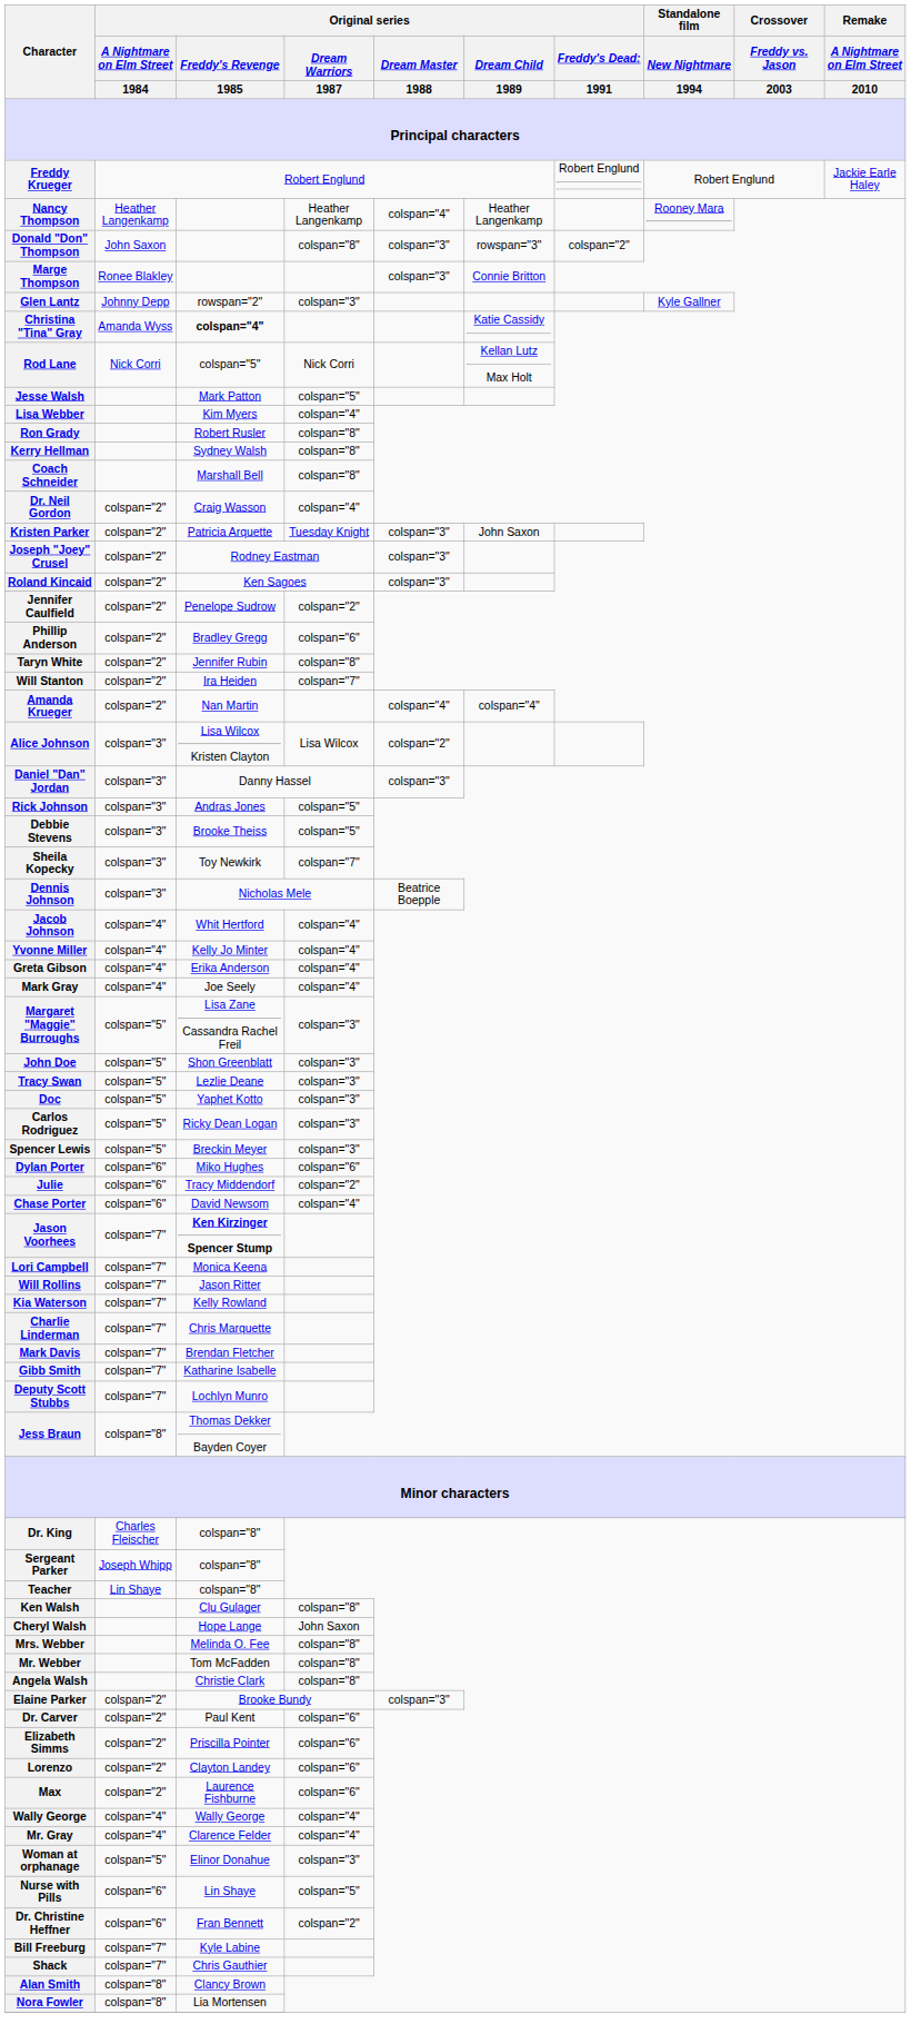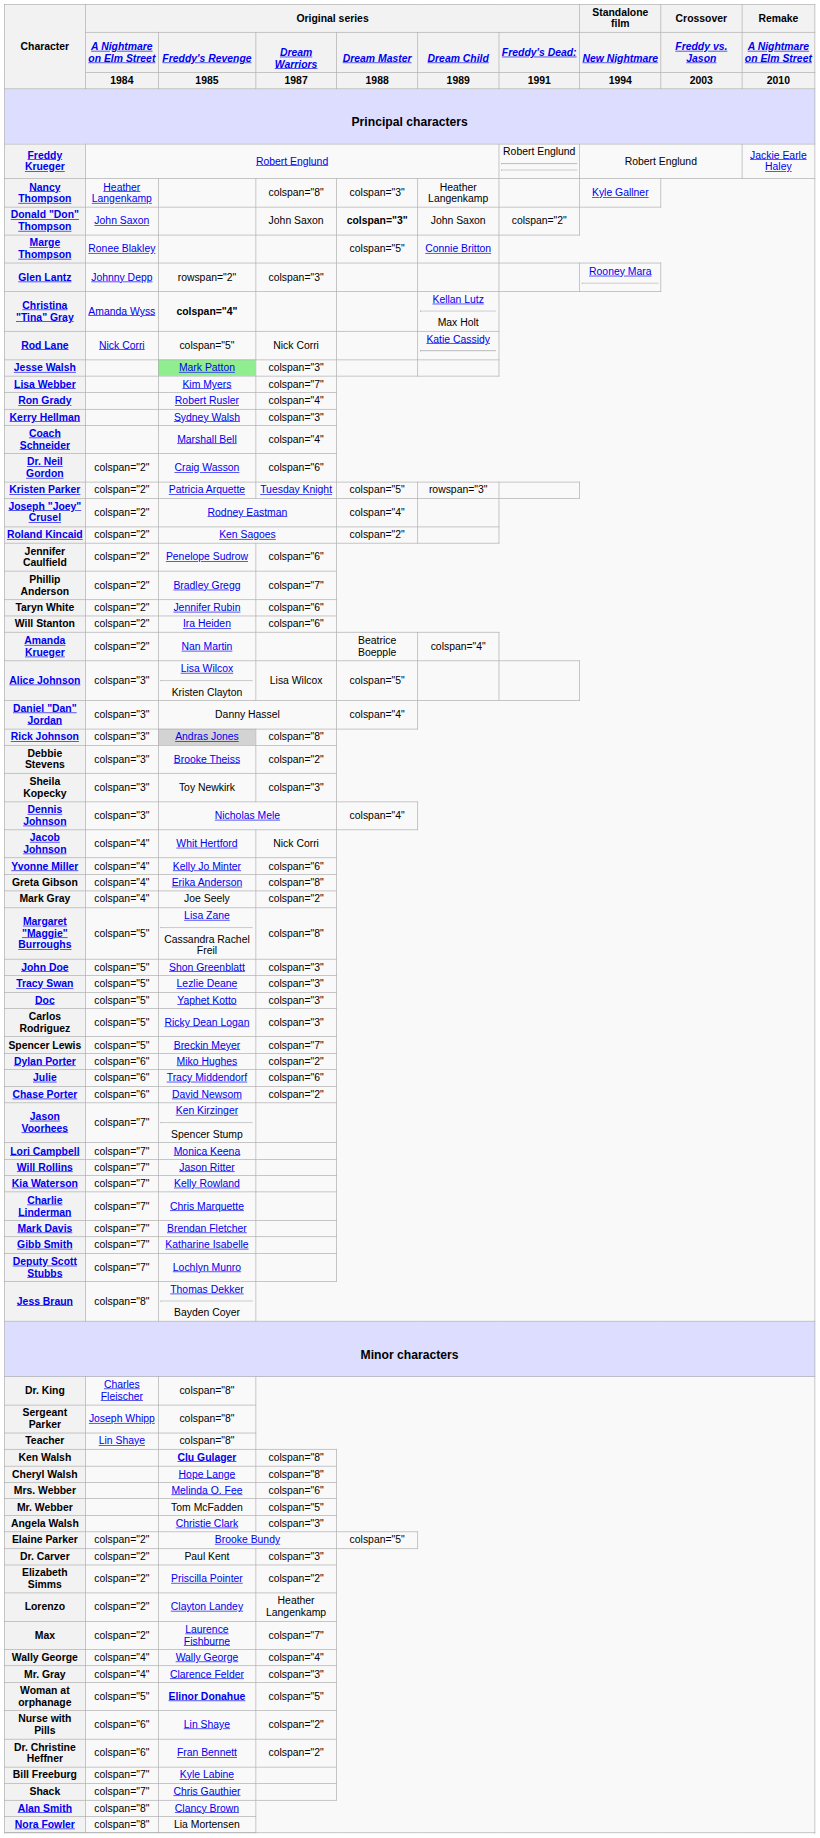 <table class="wikitable" style="text-align:center">
 <tr>
 <th rowspan="3" width="10%">Character</th>
 <th colspan="6" align="center">Original series</th>
 <th align="center">Standalone film</th>
 <th align="center">Crossover</th>
 <th align="center">Remake</th>
 </tr>
 <tr>
 <th align="center" width="09%"><em><a href='#'>A Nightmare<br>on Elm Street</a></em></th>
 <th align="center" width="12%"><em><a href='#'><br>Freddy's Revenge</a></em></th>
 <th align="center" width="10%"><em><a href='#'><br>Dream Warriors</a></em></th>
 <th align="center" width="10%"><em><a href='#'><br>Dream Master</a></em></th>
 <th align="center" width="10%"><em><a href='#'><br>Dream Child</a></em></th>
 <th align="center" width="10%"><em><a href='#'>Freddy's Dead:<br></a></em></th>
 <th align="center" width="10%"><em><a href='#'><br>New Nightmare</a></em></th>
 <th align="center" width="10%"><em><a href='#'>Freddy vs. Jason</a></em></th>
 <th align="center" width="09%"><em><a href='#'>A Nightmare<br>on Elm Street</a></em></th>
 </tr>
 <tr>
 <th>1984</th>
 <th>1985</th>
 <th>1987</th>
 <th>1988</th>
 <th>1989</th>
 <th>1991</th>
 <th>1994</th>
 <th>2003</th>
 <th>2010</th>
 </tr>
 <tr>
 <th colspan="10" style="background-color:#ddf;"><br><h3>Principal characters</h3></th>
 </tr>
 <tr>
 <th><a href='#'>Freddy Krueger</a></th>
 <td colspan="5"><a href='#'>Robert Englund</a></td>
 <td>Robert Englund<hr><hr></td>
 <td colspan="2">Robert Englund</td>
 <td><a href='#'>Jackie Earle Haley</a></td>
 </tr>
 <tr>
 <th><a href='#'>Nancy Thompson</a></th>
 <td><a href='#'>Heather Langenkamp</a></td>
 <td></td>
-<td>Heather Langenkamp</td>
-<td>colspan="4" </td>
+<td>colspan="8" </td>
+<td>colspan="3" </td>
 <td>Heather Langenkamp</td>
 <td></td>
-<td><a href='#'>Rooney Mara</a><hr></td>
+<td><a href='#'>Kyle Gallner</a></td>
 </tr>
 <tr>
 <th><a href='#'>Donald "Don" Thompson</a></th>
 <td><a href='#'>John Saxon</a></td>
 <td></td>
-<td>colspan="8" </td>
-<td>colspan="3" </td>
-<td>rowspan="3" </td>
+<td>John Saxon</td>
+<td><strong>colspan="3" </strong></td>
+<td>John Saxon</td>
 <td>colspan="2" </td>
 </tr>
 <tr>
 <th><a href='#'>Marge Thompson</a></th>
 <td><a href='#'>Ronee Blakley</a></td>
 <td></td>
 <td></td>
-<td>colspan="3" </td>
+<td>colspan="5" </td>
 <td><a href='#'>Connie Britton</a></td>
 </tr>
 <tr>
 <th><a href='#'>Glen Lantz</a></th>
 <td><a href='#'>Johnny Depp</a></td>
 <td>rowspan="2" </td>
 <td>colspan="3" </td>
 <td></td>
 <td></td>
 <td></td>
-<td><a href='#'>Kyle Gallner</a></td>
+<td><a href='#'>Rooney Mara</a><hr></td>
 </tr>
 <tr>
 <th><a href='#'>Christina "Tina" Gray</a></th>
 <td><a href='#'>Amanda Wyss</a></td>
 <td><strong>colspan="4" </strong></td>
 <td></td>
 <td></td>
-<td><a href='#'>Katie Cassidy</a><hr></td>
+<td><a href='#'>Kellan Lutz</a><hr>Max Holt</td>
 </tr>
 <tr>
 <th><a href='#'>Rod Lane</a></th>
 <td><a href='#'>Nick Corri</a></td>
 <td>colspan="5" </td>
 <td>Nick Corri</td>
 <td></td>
-<td><a href='#'>Kellan Lutz</a><hr>Max Holt</td>
+<td><a href='#'>Katie Cassidy</a><hr></td>
 </tr>
 <tr>
 <th><a href='#'>Jesse Walsh</a></th>
 <td></td>
-<td><a href='#'>Mark Patton</a></td>
-<td>colspan="5" </td>
+<td style="background: lightgreen;"><a href='#'>Mark Patton</a></td>
+<td>colspan="3" </td>
 <td></td>
 <td></td>
 </tr>
 <tr>
 <th><a href='#'>Lisa Webber</a></th>
 <td></td>
 <td><a href='#'>Kim Myers</a></td>
-<td>colspan="4" </td>
+<td>colspan="7" </td>
 </tr>
 <tr>
 <th><a href='#'>Ron Grady</a></th>
 <td></td>
 <td><a href='#'>Robert Rusler</a></td>
-<td>colspan="8" </td>
+<td>colspan="4" </td>
 </tr>
 <tr>
 <th><a href='#'>Kerry Hellman</a></th>
 <td></td>
 <td><a href='#'>Sydney Walsh</a></td>
-<td>colspan="8" </td>
+<td>colspan="3" </td>
 </tr>
 <tr>
 <th><a href='#'>Coach Schneider</a></th>
 <td></td>
 <td><a href='#'>Marshall Bell</a></td>
-<td>colspan="8" </td>
+<td>colspan="4" </td>
 </tr>
 <tr>
 <th><a href='#'>Dr. Neil Gordon</a></th>
 <td>colspan="2" </td>
 <td><a href='#'>Craig Wasson</a></td>
-<td>colspan="4" </td>
+<td>colspan="6" </td>
 </tr>
 <tr>
 <th><a href='#'>Kristen Parker</a></th>
 <td>colspan="2" </td>
 <td><a href='#'>Patricia Arquette</a></td>
 <td><a href='#'>Tuesday Knight</a></td>
-<td>colspan="3" </td>
-<td>John Saxon</td>
+<td>colspan="5" </td>
+<td>rowspan="3" </td>
 <td></td>
 </tr>
 <tr>
 <th><a href='#'>Joseph "Joey" Crusel</a></th>
 <td>colspan="2" </td>
 <td colspan="2"><a href='#'>Rodney Eastman</a></td>
-<td>colspan="3" </td>
+<td>colspan="4" </td>
 <td></td>
 </tr>
 <tr>
 <th><a href='#'>Roland Kincaid</a></th>
 <td>colspan="2" </td>
 <td colspan="2"><a href='#'>Ken Sagoes</a></td>
-<td>colspan="3" </td>
+<td>colspan="2" </td>
 <td></td>
 </tr>
 <tr>
 <th>Jennifer Caulfield</th>
 <td>colspan="2" </td>
 <td><a href='#'>Penelope Sudrow</a></td>
-<td>colspan="2" </td>
+<td>colspan="6" </td>
 </tr>
 <tr>
 <th>Phillip Anderson</th>
 <td>colspan="2" </td>
 <td><a href='#'>Bradley Gregg</a></td>
-<td>colspan="6" </td>
+<td>colspan="7" </td>
 </tr>
 <tr>
 <th>Taryn White</th>
 <td>colspan="2" </td>
 <td><a href='#'>Jennifer Rubin</a></td>
-<td>colspan="8" </td>
+<td>colspan="6" </td>
 </tr>
 <tr>
 <th>Will Stanton</th>
 <td>colspan="2" </td>
 <td><a href='#'>Ira Heiden</a></td>
-<td>colspan="7" </td>
+<td>colspan="6" </td>
 </tr>
 <tr>
 <th><a href='#'>Amanda Krueger<br></a></th>
 <td>colspan="2" </td>
 <td><a href='#'>Nan Martin</a></td>
 <td></td>
-<td>colspan="4" </td>
+<td>Beatrice Boepple</td>
 <td>colspan="4" </td>
 </tr>
 <tr>
 <th><a href='#'>Alice Johnson</a></th>
 <td>colspan="3" </td>
 <td><a href='#'>Lisa Wilcox</a><hr>Kristen Clayton</td>
 <td>Lisa Wilcox</td>
-<td>colspan="2" </td>
+<td>colspan="5" </td>
 <td></td>
 <td></td>
 </tr>
 <tr>
 <th><a href='#'>Daniel "Dan" Jordan</a></th>
 <td>colspan="3" </td>
 <td colspan="2">Danny Hassel</td>
-<td>colspan="3" </td>
+<td>colspan="4" </td>
 </tr>
 <tr>
 <th><a href='#'>Rick Johnson</a></th>
 <td>colspan="3" </td>
-<td><a href='#'>Andras Jones</a></td>
-<td>colspan="5" </td>
+<td style="background: lightgrey;"><a href='#'>Andras Jones</a></td>
+<td>colspan="8" </td>
 </tr>
 <tr>
 <th>Debbie Stevens</th>
 <td>colspan="3" </td>
 <td><a href='#'>Brooke Theiss</a></td>
-<td>colspan="5" </td>
+<td>colspan="2" </td>
 </tr>
 <tr>
 <th>Sheila Kopecky</th>
 <td>colspan="3" </td>
 <td>Toy Newkirk</td>
-<td>colspan="7" </td>
+<td>colspan="3" </td>
 </tr>
 <tr>
 <th><a href='#'>Dennis Johnson</a></th>
 <td>colspan="3" </td>
 <td colspan="2"><a href='#'>Nicholas Mele</a></td>
-<td>Beatrice Boepple</td>
+<td>colspan="4" </td>
 </tr>
 <tr>
 <th><a href='#'>Jacob Johnson</a></th>
 <td>colspan="4" </td>
 <td><a href='#'>Whit Hertford</a></td>
-<td>colspan="4" </td>
+<td>Nick Corri</td>
 </tr>
 <tr>
 <th><a href='#'>Yvonne Miller</a></th>
 <td>colspan="4" </td>
 <td><a href='#'>Kelly Jo Minter</a></td>
-<td>colspan="4" </td>
+<td>colspan="6" </td>
 </tr>
 <tr>
 <th>Greta Gibson</th>
 <td>colspan="4" </td>
 <td><a href='#'>Erika Anderson</a></td>
-<td>colspan="4" </td>
+<td>colspan="8" </td>
 </tr>
 <tr>
 <th>Mark Gray</th>
 <td>colspan="4" </td>
 <td>Joe Seely</td>
-<td>colspan="4" </td>
+<td>colspan="2" </td>
 </tr>
 <tr>
 <th><a href='#'>Margaret "Maggie" Burroughs<br></a></th>
 <td>colspan="5" </td>
 <td><a href='#'>Lisa Zane</a><hr>Cassandra Rachel Freil</td>
-<td>colspan="3" </td>
+<td>colspan="8" </td>
 </tr>
 <tr>
 <th><a href='#'>John Doe</a></th>
 <td>colspan="5" </td>
 <td><a href='#'>Shon Greenblatt</a></td>
 <td>colspan="3" </td>
 </tr>
 <tr>
 <th><a href='#'>Tracy Swan</a></th>
 <td>colspan="5" </td>
 <td><a href='#'>Lezlie Deane</a></td>
 <td>colspan="3" </td>
 </tr>
 <tr>
 <th><a href='#'>Doc</a></th>
 <td>colspan="5" </td>
 <td><a href='#'>Yaphet Kotto</a></td>
 <td>colspan="3" </td>
 </tr>
 <tr>
 <th>Carlos Rodriguez</th>
 <td>colspan="5" </td>
 <td><a href='#'>Ricky Dean Logan</a></td>
 <td>colspan="3" </td>
 </tr>
 <tr>
 <th>Spencer Lewis</th>
 <td>colspan="5" </td>
 <td><a href='#'>Breckin Meyer</a></td>
-<td>colspan="3" </td>
+<td>colspan="7" </td>
 </tr>
 <tr>
 <th><a href='#'>Dylan Porter</a></th>
 <td>colspan="6" </td>
 <td><a href='#'>Miko Hughes</a></td>
-<td>colspan="6" </td>
+<td>colspan="2" </td>
 </tr>
 <tr>
 <th><a href='#'>Julie</a></th>
 <td>colspan="6" </td>
 <td><a href='#'>Tracy Middendorf</a></td>
-<td>colspan="2" </td>
+<td>colspan="6" </td>
 </tr>
 <tr>
 <th><a href='#'>Chase Porter</a></th>
 <td>colspan="6" </td>
 <td><a href='#'>David Newsom</a></td>
-<td>colspan="4" </td>
+<td>colspan="2" </td>
 </tr>
 <tr>
 <th><a href='#'>Jason Voorhees</a></th>
 <td>colspan="7" </td>
-<td><strong><a href='#'>Ken Kirzinger</a><hr>Spencer Stump</strong></td>
+<td><a href='#'>Ken Kirzinger</a><hr>Spencer Stump</td>
 <td></td>
 </tr>
 <tr>
 <th><a href='#'>Lori Campbell</a></th>
 <td>colspan="7" </td>
 <td><a href='#'>Monica Keena</a></td>
 <td></td>
 </tr>
 <tr>
 <th><a href='#'>Will Rollins</a></th>
 <td>colspan="7" </td>
 <td><a href='#'>Jason Ritter</a></td>
 <td></td>
 </tr>
 <tr>
 <th><a href='#'>Kia Waterson</a></th>
 <td>colspan="7" </td>
 <td><a href='#'>Kelly Rowland</a></td>
 <td></td>
 </tr>
 <tr>
 <th><a href='#'>Charlie Linderman</a></th>
 <td>colspan="7" </td>
 <td><a href='#'>Chris Marquette</a></td>
 <td></td>
 </tr>
 <tr>
 <th><a href='#'>Mark Davis</a></th>
 <td>colspan="7" </td>
 <td><a href='#'>Brendan Fletcher</a></td>
 <td></td>
 </tr>
 <tr>
 <th><a href='#'>Gibb Smith</a></th>
 <td>colspan="7" </td>
 <td><a href='#'>Katharine Isabelle</a></td>
 <td></td>
 </tr>
 <tr>
 <th><a href='#'>Deputy Scott Stubbs</a></th>
 <td>colspan="7" </td>
 <td><a href='#'>Lochlyn Munro</a></td>
 <td></td>
 </tr>
 <tr>
 <th><a href='#'>Jess Braun</a></th>
 <td>colspan="8" </td>
 <td><a href='#'>Thomas Dekker</a><hr>Bayden Coyer</td>
 </tr>
 <tr>
 <th colspan="10" style="background-color:#ddf;"><br><h3>Minor characters</h3></th>
 </tr>
 <tr Gravesite Mourner Richard Row>
 <th>Dr. King</th>
 <td><a href='#'>Charles Fleischer</a></td>
 <td>colspan="8" </td>
 </tr>
 <tr>
 <th>Sergeant Parker</th>
 <td><a href='#'>Joseph Whipp</a></td>
 <td>colspan="8" </td>
 </tr>
 <tr>
 <th>Teacher</th>
 <td><a href='#'>Lin Shaye</a></td>
 <td>colspan="8" </td>
 </tr>
 <tr>
 <th>Ken Walsh</th>
 <td></td>
-<td><a href='#'>Clu Gulager</a></td>
+<td><strong><a href='#'>Clu Gulager</a></strong></td>
 <td>colspan="8" </td>
 </tr>
 <tr>
 <th>Cheryl Walsh</th>
 <td></td>
 <td><a href='#'>Hope Lange</a></td>
-<td>John Saxon</td>
+<td>colspan="8" </td>
 </tr>
 <tr>
 <th>Mrs. Webber</th>
 <td></td>
 <td><a href='#'>Melinda O. Fee</a></td>
-<td>colspan="8" </td>
+<td>colspan="6" </td>
 </tr>
 <tr>
 <th>Mr. Webber</th>
 <td></td>
 <td>Tom McFadden</td>
-<td>colspan="8" </td>
+<td>colspan="5" </td>
 </tr>
 <tr>
 <th>Angela Walsh</th>
 <td></td>
 <td><a href='#'>Christie Clark</a></td>
-<td>colspan="8" </td>
+<td>colspan="3" </td>
 </tr>
 <tr>
 <th>Elaine Parker</th>
 <td>colspan="2" </td>
 <td colspan="2"><a href='#'>Brooke Bundy</a></td>
-<td>colspan="3" </td>
+<td>colspan="5" </td>
 </tr>
 <tr>
 <th>Dr. Carver</th>
 <td>colspan="2" </td>
 <td>Paul Kent</td>
-<td>colspan="6" </td>
+<td>colspan="3" </td>
 </tr>
 <tr>
 <th>Elizabeth Simms</th>
 <td>colspan="2" </td>
 <td><a href='#'>Priscilla Pointer</a></td>
-<td>colspan="6" </td>
+<td>colspan="2" </td>
 </tr>
 <tr>
 <th>Lorenzo</th>
 <td>colspan="2" </td>
 <td><a href='#'>Clayton Landey</a></td>
-<td>colspan="6" </td>
+<td>Heather Langenkamp</td>
 </tr>
 <tr>
 <th>Max</th>
 <td>colspan="2" </td>
 <td><a href='#'>Laurence Fishburne</a></td>
-<td>colspan="6" </td>
+<td>colspan="7" </td>
 </tr>
 <tr>
 <th>Wally George</th>
 <td>colspan="4" </td>
 <td><a href='#'>Wally George</a></td>
 <td>colspan="4" </td>
 </tr>
 <tr>
 <th>Mr. Gray</th>
 <td>colspan="4" </td>
 <td><a href='#'>Clarence Felder</a></td>
-<td>colspan="4" </td>
+<td>colspan="3" </td>
 </tr>
 <tr>
 <th>Woman at orphanage</th>
 <td>colspan="5" </td>
-<td><a href='#'>Elinor Donahue</a></td>
-<td>colspan="3" </td>
+<td><strong><a href='#'>Elinor Donahue</a></strong></td>
+<td>colspan="5" </td>
 </tr>
 <tr>
 <th>Nurse with Pills</th>
 <td>colspan="6" </td>
 <td><a href='#'>Lin Shaye</a></td>
-<td>colspan="5" </td>
+<td>colspan="2" </td>
 </tr>
 <tr>
 <th>Dr. Christine Heffner</th>
 <td>colspan="6" </td>
 <td><a href='#'>Fran Bennett</a></td>
 <td>colspan="2" </td>
 </tr>
 <tr>
 <th>Bill Freeburg</th>
 <td>colspan="7" </td>
 <td><a href='#'>Kyle Labine</a></td>
 <td></td>
 </tr>
 <tr>
 <th>Shack</th>
 <td>colspan="7" </td>
 <td><a href='#'>Chris Gauthier</a></td>
 <td></td>
 </tr>
 <tr>
 <th><a href='#'>Alan Smith</a></th>
 <td>colspan="8" </td>
 <td><a href='#'>Clancy Brown</a></td>
 </tr>
 <tr>
 <th><a href='#'>Nora Fowler</a></th>
 <td>colspan="8" </td>
 <td>Lia Mortensen</td>
 </tr>
 <tr>
 </tr>
 </table>
